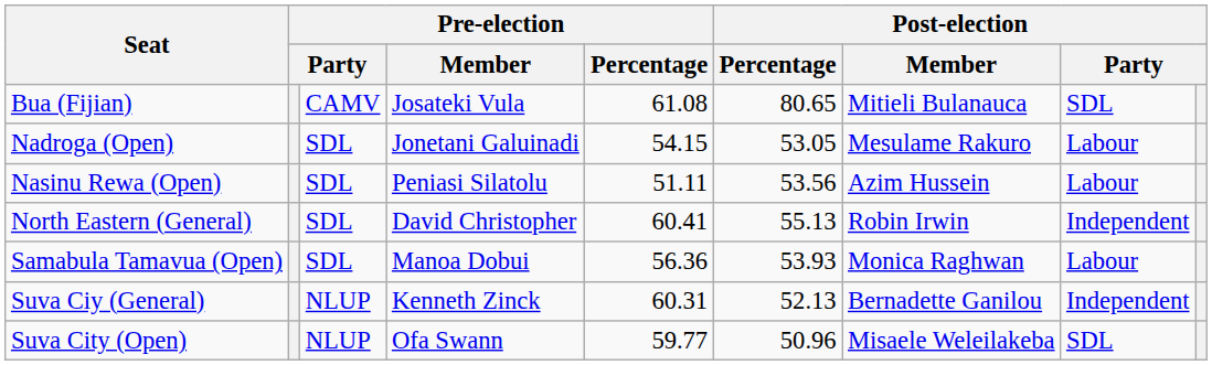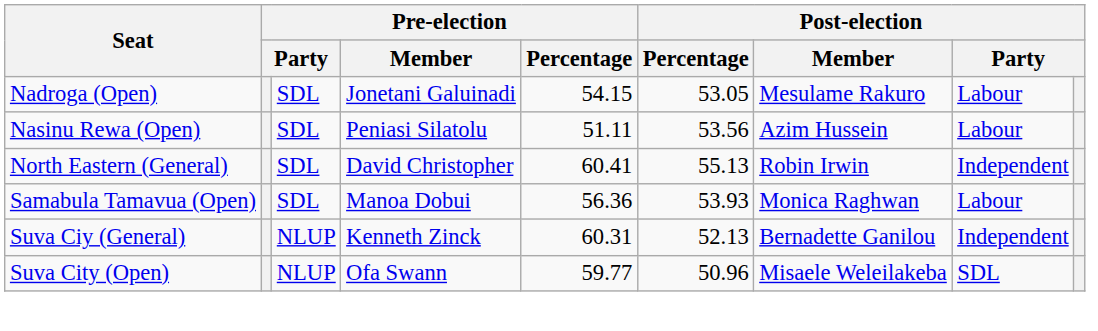 <table class="wikitable sortable">
 <tr style="text-align:center">
 <th rowspan="2">Seat</th>
 <th colspan="4">Pre-election</th>
 <th colspan="4">Post-election</th>
 </tr>
 <tr style="text-align:center">
 <th colspan="2">Party</th>
 <th>Member</th>
 <th>Percentage</th>
 <th>Percentage</th>
 <th>Member</th>
 <th colspan="2">Party</th>
-</tr>
-<tr>
-<td><a href='#'>Bua (Fijian)</a></td>
-<th style="background-color: "></th>
-<td><a href='#'>CAMV</a></td>
-<td><a href='#'>Josateki Vula</a></td>
-<td style="text-align:right;">61.08</td>
-<td style="text-align:right;">80.65</td>
-<td><a href='#'>Mitieli Bulanauca</a></td>
-<td><a href='#'>SDL</a></td>
-<th style="background-color: "></th>
 </tr>
 <tr>
 <td><a href='#'>Nadroga (Open)</a></td>
 <th style="background-color: "></th>
 <td><a href='#'>SDL</a></td>
 <td><a href='#'>Jonetani Galuinadi</a></td>
 <td style="text-align:right;">54.15</td>
 <td style="text-align:right;">53.05</td>
 <td><a href='#'>Mesulame Rakuro</a></td>
 <td><a href='#'>Labour</a></td>
 <th style="background-color: "></th>
 </tr>
 <tr>
 <td><a href='#'>Nasinu Rewa (Open)</a></td>
 <th style="background-color: "></th>
 <td><a href='#'>SDL</a></td>
 <td><a href='#'>Peniasi Silatolu</a></td>
 <td style="text-align:right;">51.11</td>
 <td style="text-align:right;">53.56</td>
 <td><a href='#'>Azim Hussein</a></td>
 <td><a href='#'>Labour</a></td>
 <th style="background-color: "></th>
 </tr>
 <tr>
 <td><a href='#'>North Eastern (General)</a></td>
 <th style="background-color: "></th>
 <td><a href='#'>SDL</a></td>
 <td><a href='#'>David Christopher</a></td>
 <td style="text-align:right;">60.41</td>
 <td style="text-align:right;">55.13</td>
 <td><a href='#'>Robin Irwin</a></td>
 <td><a href='#'>Independent</a></td>
 <th style="background-color: "></th>
 </tr>
 <tr>
 <td><a href='#'>Samabula Tamavua (Open)</a></td>
 <th style="background-color: "></th>
 <td><a href='#'>SDL</a></td>
 <td><a href='#'>Manoa Dobui</a></td>
 <td style="text-align:right;">56.36</td>
 <td style="text-align:right;">53.93</td>
 <td><a href='#'>Monica Raghwan</a></td>
 <td><a href='#'>Labour</a></td>
 <th style="background-color: "></th>
 </tr>
 <tr>
 <td><a href='#'>Suva Ciy (General)</a></td>
 <th style="background-color: "></th>
 <td><a href='#'>NLUP</a></td>
 <td><a href='#'>Kenneth Zinck</a></td>
 <td style="text-align:right;">60.31</td>
 <td style="text-align:right;">52.13</td>
 <td><a href='#'>Bernadette Ganilou</a></td>
 <td><a href='#'>Independent</a></td>
 <th style="background-color: "></th>
 </tr>
 <tr>
 <td><a href='#'>Suva City (Open)</a></td>
 <th style="background-color: "></th>
 <td><a href='#'>NLUP</a></td>
 <td><a href='#'>Ofa Swann</a></td>
 <td style="text-align:right;">59.77</td>
 <td style="text-align:right;">50.96</td>
 <td><a href='#'>Misaele Weleilakeba</a></td>
 <td><a href='#'>SDL</a></td>
 <th style="background-color: "></th>
 </tr>
 </table>
